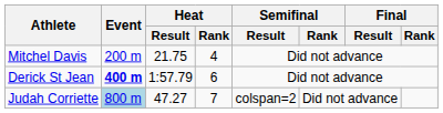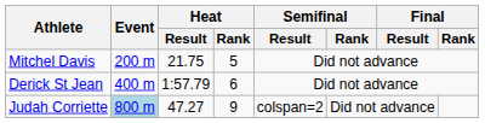 <table class="wikitable" style="font-size:90%">
 <tr>
 <th rowspan=2>Athlete</th>
 <th rowspan=2>Event</th>
 <th colspan=2>Heat</th>
 <th colspan=2>Semifinal</th>
 <th colspan=2>Final</th>
 </tr>
 <tr style="font-size:95%">
 <th>Result</th>
 <th>Rank</th>
 <th>Result</th>
 <th>Rank</th>
 <th>Result</th>
 <th>Rank</th>
 </tr>
 <tr align=center>
 <td align=left><a href='#'>Mitchel Davis</a></td>
 <td align=left><a href='#'>200 m</a></td>
 <td>21.75</td>
-<td>4</td>
+<td>5</td>
 <td colspan=4>Did not advance</td>
 </tr>
 <tr align=center>
 <td align=left><a href='#'>Derick St Jean</a></td>
-<td align=left><strong><a href='#'>400 m</a></strong></td>
+<td align=left><a href='#'>400 m</a></td>
 <td>1:57.79</td>
 <td>6</td>
 <td colspan=4>Did not advance</td>
 </tr>
 <tr align=center>
 <td align=left><a href='#'>Judah Corriette</a></td>
 <td align=left style="background: lightblue;"><a href='#'>800 m</a></td>
 <td>47.27</td>
-<td>7</td>
+<td>9</td>
 <td>colspan=2</td>
 <td colspan=2>Did not advance</td>
 </tr>
 </table>
